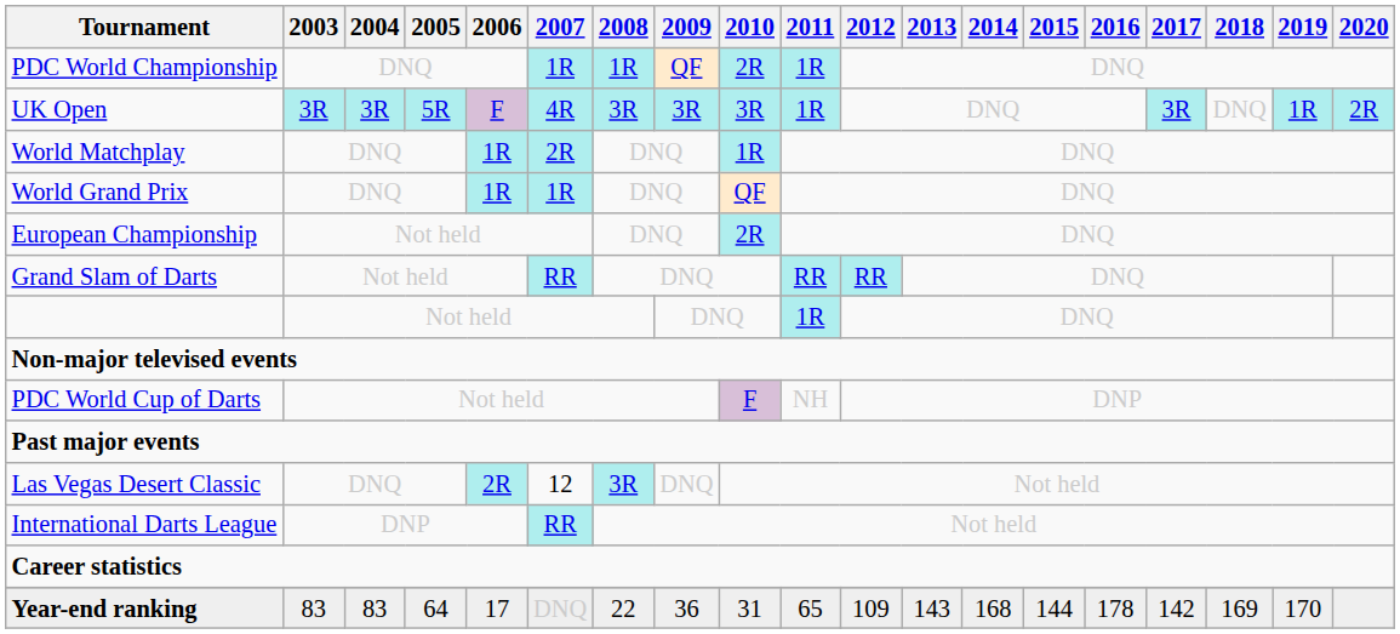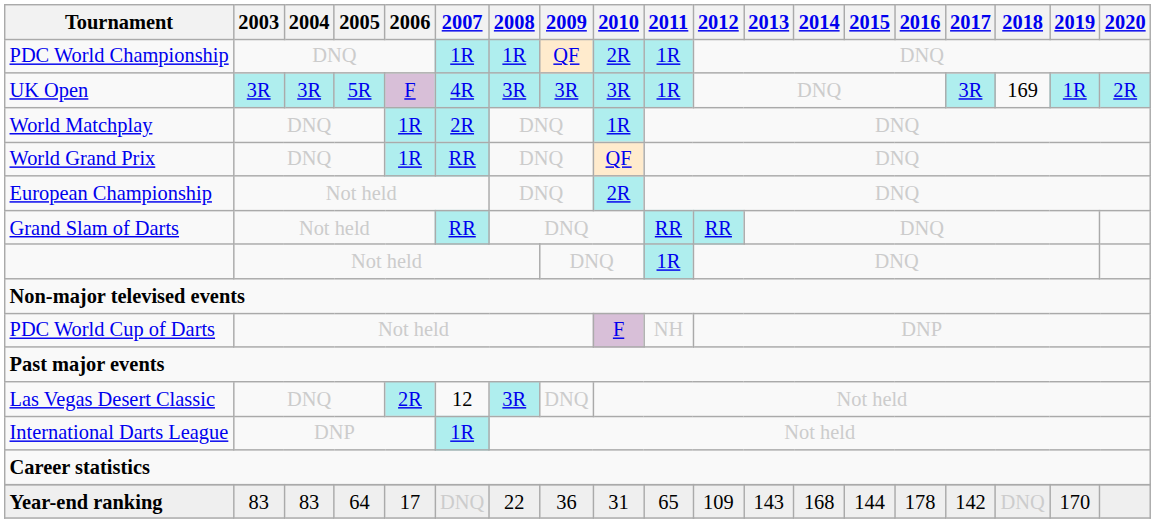 <table class=wikitable style=text-align:center;font-size:88%>
 <tr>
 <th>Tournament</th>
 <th>2003</th>
 <th>2004</th>
 <th>2005</th>
 <th>2006</th>
 <th><a href='#'>2007</a></th>
 <th><a href='#'>2008</a></th>
 <th><a href='#'>2009</a></th>
 <th><a href='#'>2010</a></th>
 <th colspan="2"><a href='#'>2011</a></th>
 <th><a href='#'>2012</a></th>
 <th><a href='#'>2013</a></th>
 <th><a href='#'>2014</a></th>
 <th><a href='#'>2015</a></th>
 <th><a href='#'>2016</a></th>
 <th><a href='#'>2017</a></th>
 <th><a href='#'>2018</a></th>
 <th><a href='#'>2019</a></th>
 <th><a href='#'>2020</a></th>
 </tr>
 <tr>
 <td align=left><a href='#'>PDC World Championship</a></td>
 <td colspan="4" style="text-align:center; color:#ccc;">DNQ</td>
 <td style="text-align:center; background:#afeeee;"><a href='#'>1R</a></td>
 <td style="text-align:center; background:#afeeee;"><a href='#'>1R</a></td>
 <td style="text-align:center; background:#ffebcd;"><a href='#'>QF</a></td>
 <td style="text-align:center; background:#afeeee;"><a href='#'>2R</a></td>
 <td style="text-align:center; background:#afeeee;" colspan="2"><a href='#'>1R</a></td>
 <td colspan="9" style="text-align:center; color:#ccc;">DNQ</td>
 </tr>
 <tr>
 <td align=left><a href='#'>UK Open</a></td>
 <td style="text-align:center; background:#afeeee;"><a href='#'>3R</a></td>
 <td style="text-align:center; background:#afeeee;"><a href='#'>3R</a></td>
 <td style="text-align:center; background:#afeeee;"><a href='#'>5R</a></td>
 <td style="text-align:center; background:thistle;"><a href='#'>F</a></td>
 <td style="text-align:center; background:#afeeee;"><a href='#'>4R</a></td>
 <td style="text-align:center; background:#afeeee;"><a href='#'>3R</a></td>
 <td style="text-align:center; background:#afeeee;"><a href='#'>3R</a></td>
 <td style="text-align:center; background:#afeeee;"><a href='#'>3R</a></td>
 <td style="text-align:center; background:#afeeee;" colspan="2"><a href='#'>1R</a></td>
 <td colspan="5" style="text-align:center; color:#ccc;">DNQ</td>
 <td style="text-align:center; background:#afeeee;"><a href='#'>3R</a></td>
-<td style="text-align:center; color:#ccc;">DNQ</td>
+<td style="text-align:center;">169</td>
 <td style="text-align:center; background:#afeeee;"><a href='#'>1R</a></td>
 <td style="text-align:center; background:#afeeee;"><a href='#'>2R</a></td>
 </tr>
 <tr>
 <td align=left><a href='#'>World Matchplay</a></td>
 <td colspan="3" style="text-align:center; color:#ccc;">DNQ</td>
 <td style="text-align:center; background:#afeeee;"><a href='#'>1R</a></td>
 <td style="text-align:center; background:#afeeee;"><a href='#'>2R</a></td>
 <td colspan="2" style="text-align:center; color:#ccc;">DNQ</td>
 <td style="text-align:center; background:#afeeee;"><a href='#'>1R</a></td>
 <td colspan="11" style="text-align:center; color:#ccc;">DNQ</td>
 </tr>
 <tr>
 <td align=left><a href='#'>World Grand Prix</a></td>
 <td colspan="3" style="text-align:center; color:#ccc;">DNQ</td>
 <td style="text-align:center; background:#afeeee;"><a href='#'>1R</a></td>
-<td style="text-align:center; background:#afeeee;"><a href='#'>1R</a></td>
+<td style="text-align:center; background:#afeeee;"><a href='#'>RR</a></td>
 <td colspan="2" style="text-align:center; color:#ccc;">DNQ</td>
 <td style="text-align:center; background:#ffebcd;"><a href='#'>QF</a></td>
 <td colspan="11" style="text-align:center; color:#ccc;">DNQ</td>
 </tr>
 <tr>
 <td align=left><a href='#'>European Championship</a></td>
 <td colspan="5" style="text-align:center; color:#ccc;">Not held</td>
 <td colspan="2" style="text-align:center; color:#ccc;">DNQ</td>
 <td style="text-align:center; background:#afeeee;"><a href='#'>2R</a></td>
 <td colspan="11" style="text-align:center; color:#ccc;">DNQ</td>
 </tr>
 <tr>
 <td align=left><a href='#'>Grand Slam of Darts</a></td>
 <td colspan="4" style="text-align:center; color:#ccc;">Not held</td>
 <td style="text-align:center; background:#afeeee;"><a href='#'>RR</a></td>
 <td colspan="3" style="text-align:center; color:#ccc;">DNQ</td>
 <td style="text-align:center; background:#afeeee;" colspan="2"><a href='#'>RR</a></td>
 <td style="text-align:center; background:#afeeee;"><a href='#'>RR</a></td>
 <td colspan="7" style="text-align:center; color:#ccc;">DNQ</td>
 <td></td>
 </tr>
 <tr>
 <td align=left></td>
 <td colspan="6" style="text-align:center; color:#ccc;">Not held</td>
 <td colspan="2" style="text-align:center; color:#ccc;">DNQ</td>
 <td style="text-align:center; background:#afeeee;"><a href='#'>1R</a></td>
 <td colspan="9" style="text-align:center; color:#ccc;">DNQ</td>
 <td></td>
 </tr>
 <tr>
 <td colspan="21" align="left"><strong>Non-major televised events</strong></td>
 </tr>
 <tr>
 <td align=left><a href='#'>PDC World Cup of Darts</a></td>
 <td colspan="7" style="text-align:center; color:#ccc;">Not held</td>
 <td style="text-align:center; background:thistle;"><a href='#'>F</a></td>
 <td colspan="2" style="text-align:center; color:#ccc;">NH</td>
 <td colspan="9" style="text-align:center; color:#ccc;">DNP</td>
 </tr>
 <tr>
 <td colspan="21" align="left"><strong>Past major events</strong></td>
 </tr>
 <tr>
 <td align=left><a href='#'>Las Vegas Desert Classic</a></td>
 <td colspan="3" style="text-align:center; color:#ccc;">DNQ</td>
 <td style="text-align:center; background:#afeeee;"><a href='#'>2R</a></td>
 <td style="text-align:center;">12</td>
 <td style="text-align:center; background:#afeeee;"><a href='#'>3R</a></td>
 <td style="text-align:center; color:#ccc;">DNQ</td>
 <td colspan="12" style="text-align:center; color:#ccc;">Not held</td>
 </tr>
 <tr>
 <td align=left><a href='#'>International Darts League</a></td>
 <td colspan="4" style="text-align:center; color:#ccc;">DNP</td>
-<td style="text-align:center; background:#afeeee;"><a href='#'>RR</a></td>
+<td style="text-align:center; background:#afeeee;"><a href='#'>1R</a></td>
 <td colspan="14" style="text-align:center; color:#ccc;">Not held</td>
 </tr>
 <tr>
 <td colspan="21" align="left"><strong>Career statistics</strong></td>
 </tr>
 <tr>
 </tr>
 <tr bgcolor="efefef">
 <td align="left"><strong>Year-end ranking</strong></td>
 <td style="text-align:center;">83</td>
 <td style="text-align:center;">83</td>
 <td style="text-align:center;">64</td>
 <td style="text-align:center;">17</td>
 <td style="text-align:center; color:#ccc;">DNQ</td>
 <td style="text-align:center;">22</td>
 <td style="text-align:center;">36</td>
 <td style="text-align:center;">31</td>
 <td style="text-align:center;">65</td>
 <td colspan="2" style="text-align:center;">109</td>
 <td style="text-align:center;">143</td>
 <td style="text-align:center;">168</td>
 <td style="text-align:center;">144</td>
 <td style="text-align:center;">178</td>
 <td style="text-align:center;">142</td>
-<td style="text-align:center;">169</td>
+<td style="text-align:center; color:#ccc;">DNQ</td>
 <td style="text-align:center;">170</td>
 <td style="text-align:center;"></td>
 </tr>
 </table>
